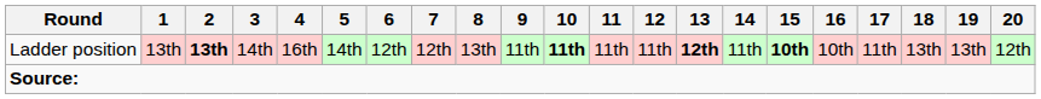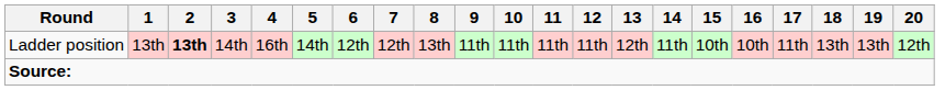 <table class="wikitable">
 <tr>
 <th>Round</th>
 <th>1</th>
 <th>2</th>
 <th>3</th>
 <th>4</th>
 <th>5</th>
 <th>6</th>
 <th>7</th>
 <th>8</th>
 <th>9</th>
 <th>10</th>
 <th>11</th>
 <th>12</th>
 <th>13</th>
 <th>14</th>
 <th>15</th>
 <th>16</th>
 <th>17</th>
 <th>18</th>
 <th>19</th>
 <th>20</th>
 </tr>
 <tr>
 <td>Ladder position</td>
 <td style="background:#FFCFCF">13th</td>
 <td style="background:#FFCFCF"><strong>13th</strong></td>
 <td style="background:#FFCFCF">14th</td>
 <td style="background:#FFCFCF">16th</td>
 <td style="background:#CCFFCC">14th</td>
 <td style="background:#CCFFCC">12th</td>
 <td style="background:#FFCFCF">12th</td>
 <td style="background:#FFCFCF">13th</td>
 <td style="background:#CCFFCC">11th</td>
-<td style="background:#CCFFCC"><strong>11th</strong></td>
+<td style="background:#CCFFCC">11th</td>
 <td style="background:#FFCFCF">11th</td>
 <td style="background:#FFCFCF">11th</td>
-<td style="background:#FFCFCF"><strong>12th</strong></td>
+<td style="background:#FFCFCF">12th</td>
 <td style="background:#CCFFCC">11th</td>
-<td style="background:#CCFFCC"><strong>10th</strong></td>
+<td style="background:#CCFFCC">10th</td>
 <td style="background:#FFCFCF">10th</td>
 <td style="background:#FFCFCF">11th</td>
 <td style="background:#FFCFCF">13th</td>
 <td style="background:#FFCFCF">13th</td>
 <td style="background:#CCFFCC">12th</td>
 </tr>
 <tr>
 <td colspan="21"><strong>Source:</strong></td>
 </tr>
 </table>
